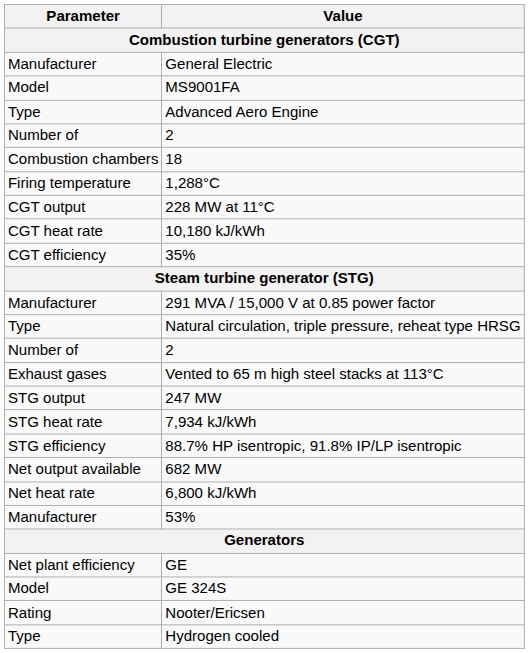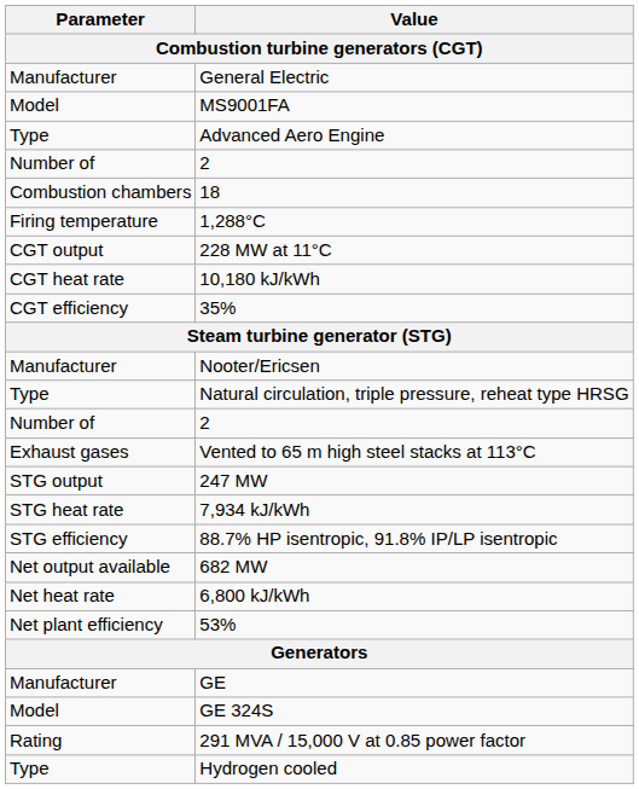 <table class="wikitable">
 <tr>
 <th>Parameter</th>
 <th>Value</th>
 </tr>
 <tr>
 <th colspan="2">Combustion turbine  generators (CGT)</th>
 </tr>
 <tr>
 <td>Manufacturer</td>
 <td>General Electric</td>
 </tr>
 <tr>
 <td>Model</td>
 <td>MS9001FA</td>
 </tr>
 <tr>
 <td>Type</td>
 <td>Advanced Aero  Engine</td>
 </tr>
 <tr>
 <td>Number of</td>
 <td>2</td>
 </tr>
 <tr>
 <td>Combustion chambers</td>
 <td>18</td>
 </tr>
 <tr>
 <td>Firing temperature</td>
 <td>1,288°C</td>
 </tr>
 <tr>
 <td>CGT output</td>
 <td>228 MW at 11°C</td>
 </tr>
 <tr>
 <td>CGT heat rate</td>
 <td>10,180 kJ/kWh</td>
 </tr>
 <tr>
 <td>CGT efficiency</td>
 <td>35%</td>
 </tr>
 <tr>
 <th colspan="2">Steam turbine  generator (STG)</th>
 </tr>
 <tr>
 <td>Manufacturer</td>
-<td>291 MVA /  15,000 V at 0.85 power factor</td>
+<td>Nooter/Ericsen</td>
 </tr>
 <tr>
 <td>Type</td>
 <td>Natural circulation,  triple pressure, reheat type HRSG</td>
 </tr>
 <tr>
 <td>Number of</td>
 <td>2</td>
 </tr>
 <tr>
 <td>Exhaust gases</td>
 <td>Vented to 65  m high steel stacks at 113°C</td>
 </tr>
 <tr>
 <td>STG output</td>
 <td>247 MW</td>
 </tr>
 <tr>
 <td>STG heat rate</td>
 <td>7,934 kJ/kWh</td>
 </tr>
 <tr>
 <td>STG  efficiency</td>
 <td>88.7% HP  isentropic, 91.8% IP/LP isentropic</td>
 </tr>
 <tr>
 <td>Net output  available</td>
 <td>682 MW</td>
 </tr>
 <tr>
 <td>Net heat rate</td>
 <td>6,800 kJ/kWh</td>
 </tr>
 <tr>
-<td>Manufacturer</td>
+<td>Net plant  efficiency</td>
 <td>53%</td>
 </tr>
 <tr>
 <th colspan="2">Generators</th>
 </tr>
 <tr>
-<td>Net plant  efficiency</td>
+<td>Manufacturer</td>
 <td>GE</td>
 </tr>
 <tr>
 <td>Model</td>
 <td>GE 324S</td>
 </tr>
 <tr>
 <td>Rating</td>
-<td>Nooter/Ericsen</td>
+<td>291 MVA /  15,000 V at 0.85 power factor</td>
 </tr>
 <tr>
 <td>Type</td>
 <td>Hydrogen cooled</td>
 </tr>
 </table>
